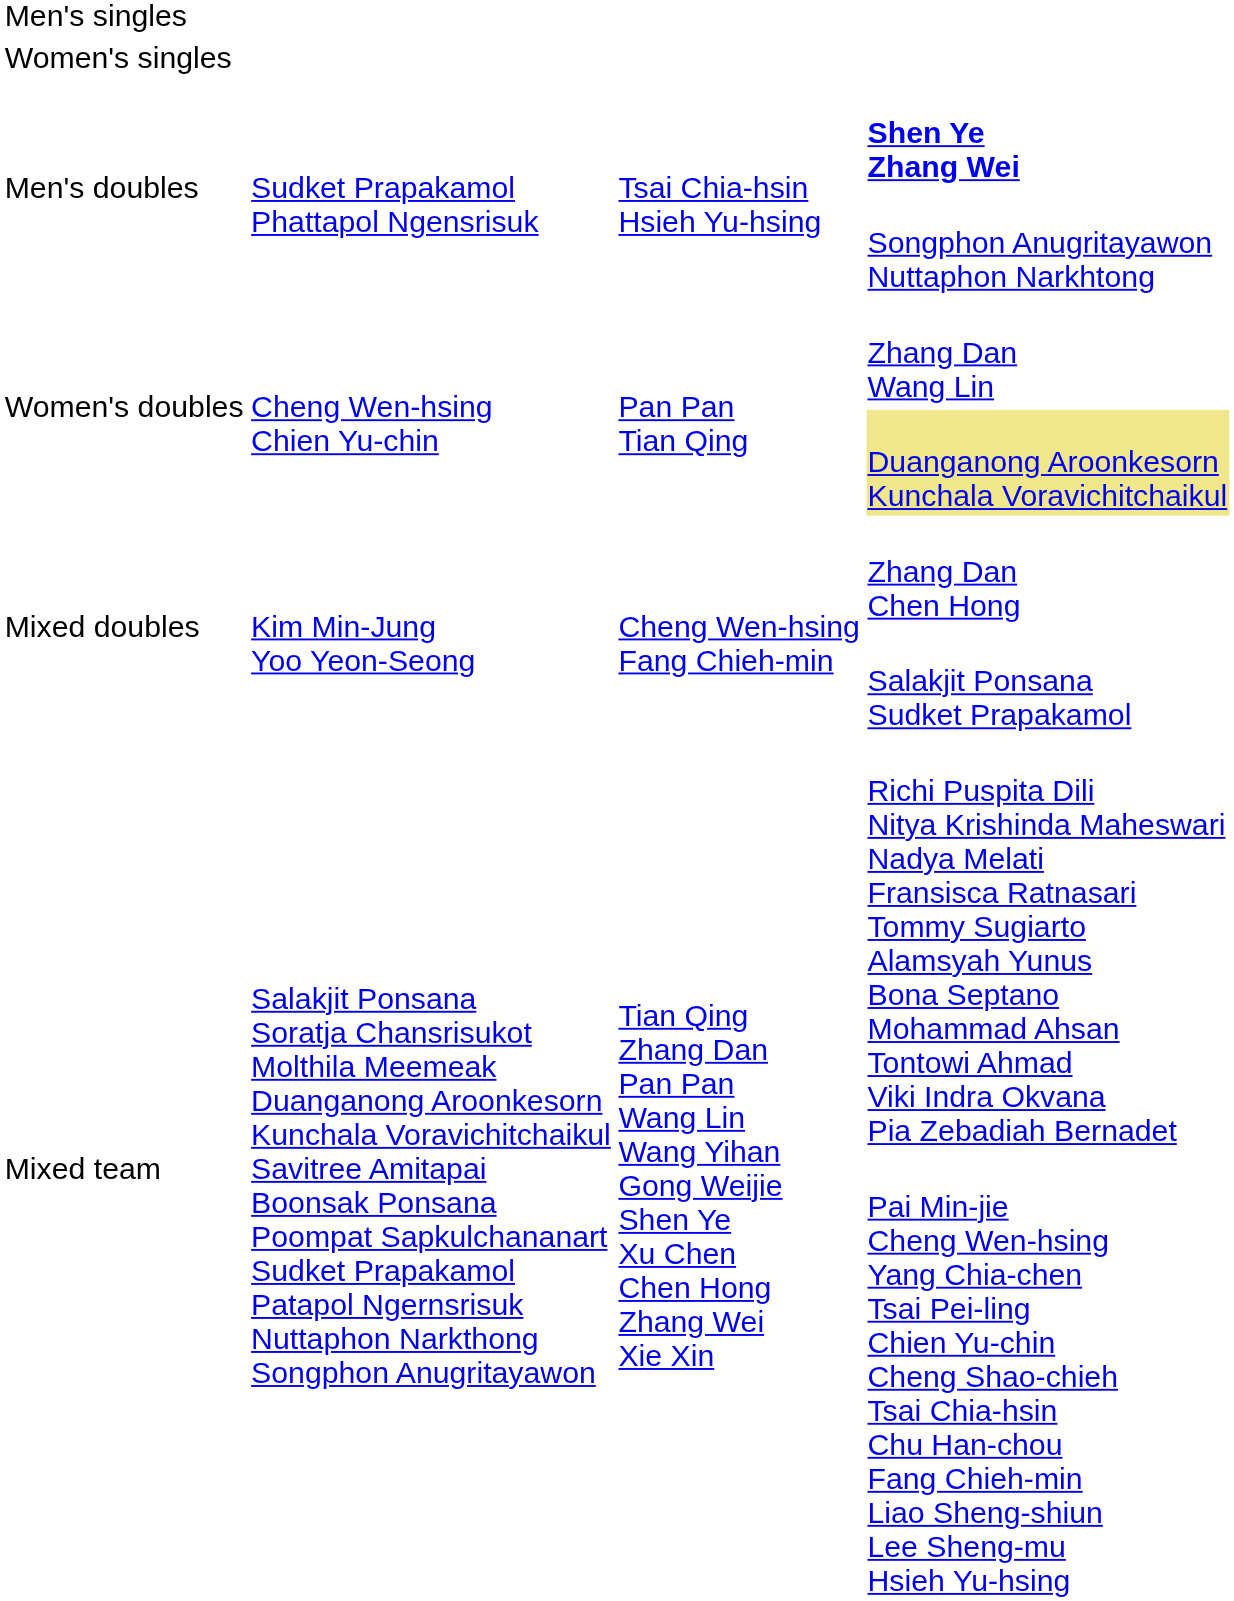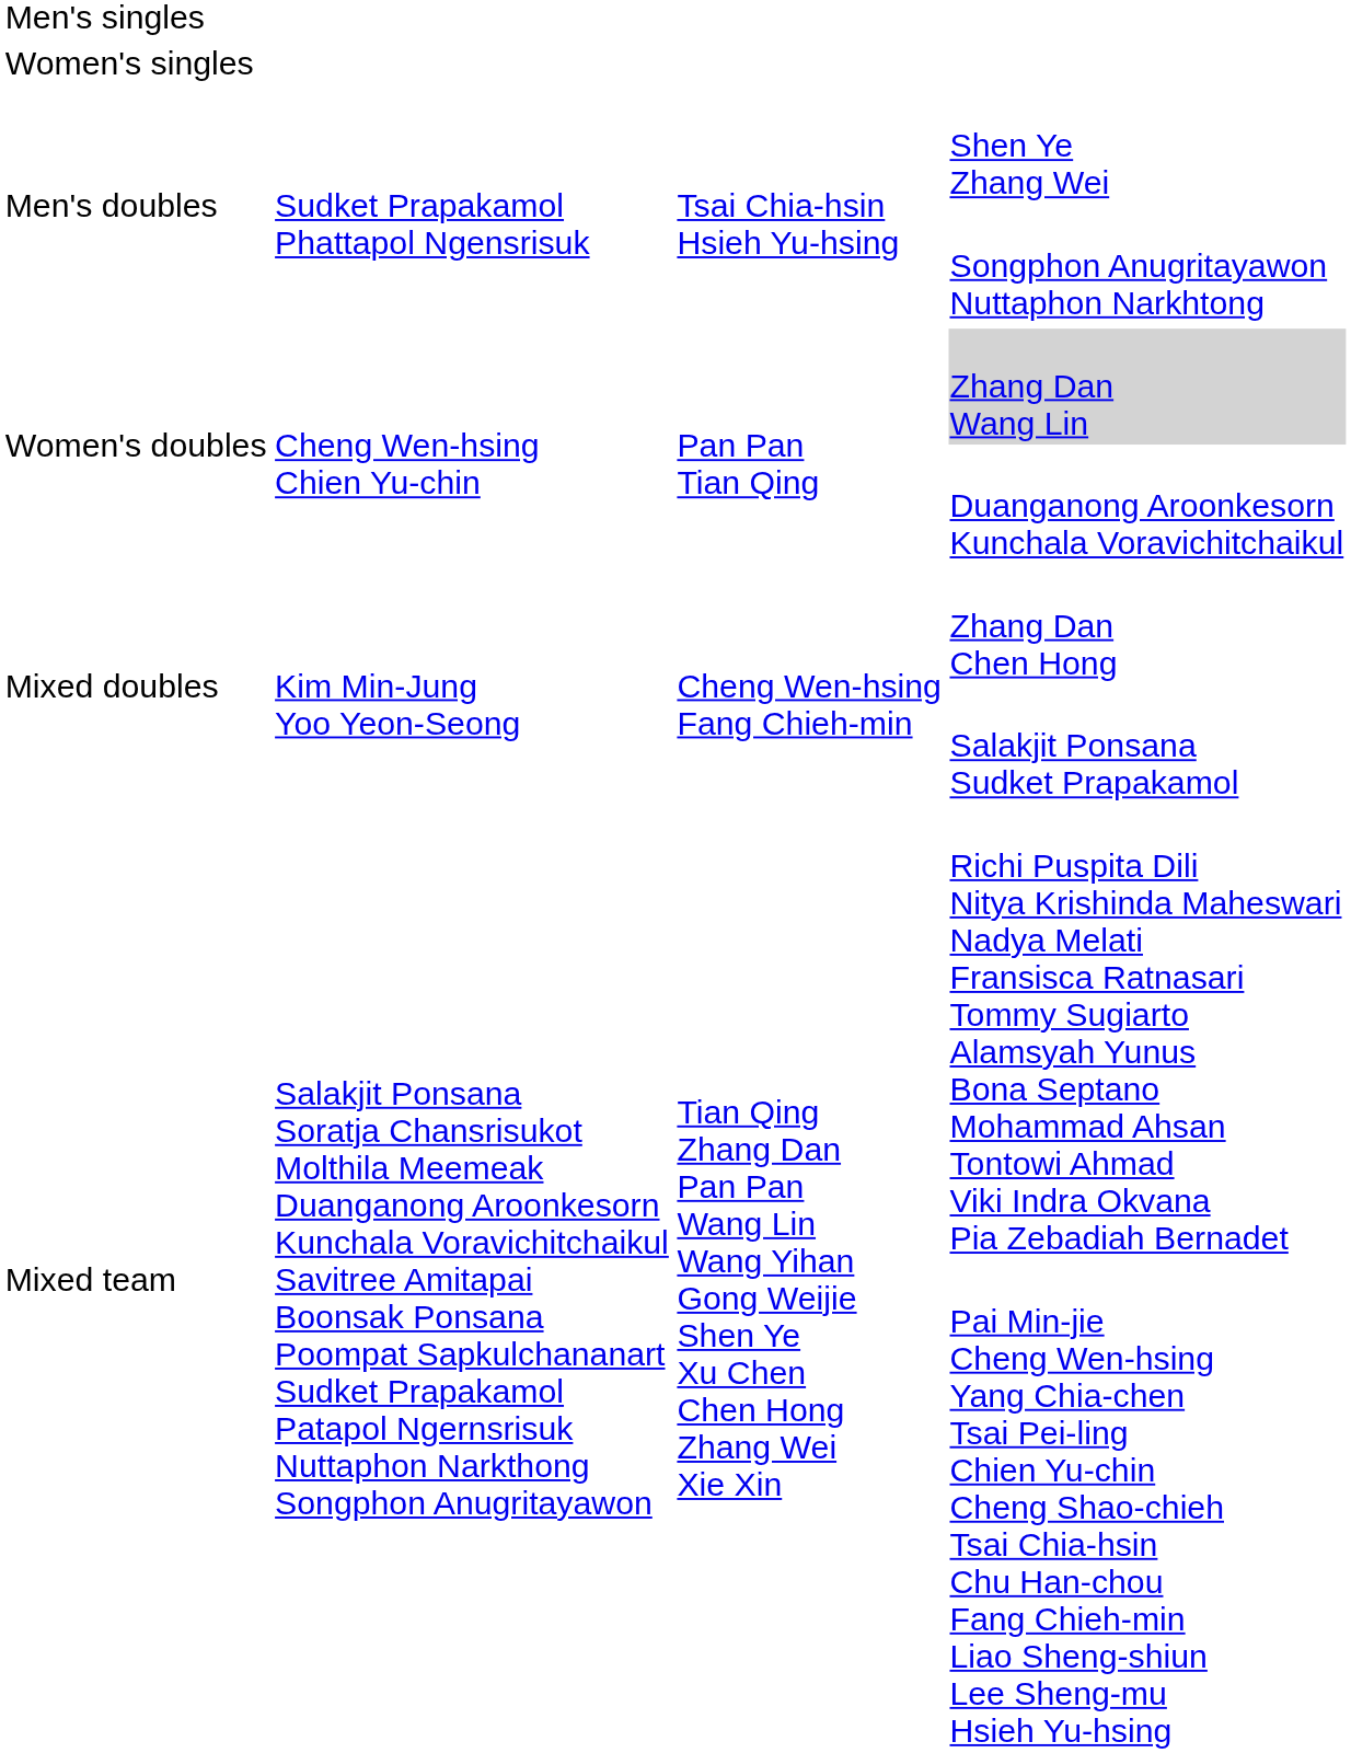 <table>
 <tr>
 <td rowspan=2>Men's singles<br></td>
 <td rowspan=2></td>
 <td rowspan=2></td>
 <td></td>
 </tr>
 <tr>
 <td></td>
 </tr>
 <tr>
 <td rowspan=2>Women's singles<br></td>
 <td rowspan=2></td>
 <td rowspan=2></td>
 <td></td>
 </tr>
 <tr>
 <td></td>
 </tr>
 <tr>
 <td rowspan=2>Men's doubles<br></td>
 <td rowspan=2><br><a href='#'>Sudket Prapakamol</a> <br><a href='#'>Phattapol Ngensrisuk</a></td>
 <td rowspan=2><br><a href='#'>Tsai Chia-hsin</a> <br><a href='#'>Hsieh Yu-hsing</a></td>
-<td><strong><br><a href='#'>Shen Ye</a> <br><a href='#'>Zhang Wei</a></strong></td>
+<td><br><a href='#'>Shen Ye</a> <br><a href='#'>Zhang Wei</a></td>
 </tr>
 <tr>
 <td><br><a href='#'>Songphon Anugritayawon</a> <br><a href='#'>Nuttaphon Narkhtong</a></td>
 </tr>
 <tr>
 <td rowspan=2>Women's doubles<br></td>
 <td rowspan=2><br><a href='#'>Cheng Wen-hsing</a> <br><a href='#'>Chien Yu-chin</a></td>
 <td rowspan=2><br><a href='#'>Pan Pan</a> <br><a href='#'>Tian Qing</a></td>
-<td><br><a href='#'>Zhang Dan</a> <br><a href='#'>Wang Lin</a></td>
+<td style="background: lightgrey;"><br><a href='#'>Zhang Dan</a> <br><a href='#'>Wang Lin</a></td>
 </tr>
 <tr>
-<td style="background: khaki;"><br><a href='#'>Duanganong Aroonkesorn</a> <br><a href='#'>Kunchala Voravichitchaikul</a></td>
+<td><br><a href='#'>Duanganong Aroonkesorn</a> <br><a href='#'>Kunchala Voravichitchaikul</a></td>
 </tr>
 <tr>
 <td rowspan=2>Mixed doubles<br></td>
 <td rowspan=2><br><a href='#'>Kim Min-Jung</a> <br><a href='#'>Yoo Yeon-Seong</a></td>
 <td rowspan=2><br><a href='#'>Cheng Wen-hsing</a> <br><a href='#'>Fang Chieh-min</a></td>
 <td><br><a href='#'>Zhang Dan</a> <br><a href='#'>Chen Hong</a></td>
 </tr>
 <tr>
 <td><br><a href='#'>Salakjit Ponsana</a> <br><a href='#'>Sudket Prapakamol</a></td>
 </tr>
 <tr>
 <td rowspan=2>Mixed team<br></td>
 <td rowspan=2><br><a href='#'>Salakjit Ponsana</a><br><a href='#'>Soratja Chansrisukot</a><br><a href='#'>Molthila Meemeak</a><br><a href='#'>Duanganong Aroonkesorn</a><br><a href='#'>Kunchala Voravichitchaikul</a><br><a href='#'>Savitree Amitapai</a><br><a href='#'>Boonsak Ponsana</a><br><a href='#'>Poompat Sapkulchananart</a><br><a href='#'>Sudket Prapakamol</a><br><a href='#'>Patapol Ngernsrisuk</a><br><a href='#'>Nuttaphon Narkthong</a><br><a href='#'>Songphon Anugritayawon</a></td>
 <td rowspan=2><br><a href='#'>Tian Qing</a><br><a href='#'>Zhang Dan</a><br><a href='#'>Pan Pan</a><br><a href='#'>Wang Lin</a><br><a href='#'>Wang Yihan</a><br><a href='#'>Gong Weijie</a><br><a href='#'>Shen Ye</a><br><a href='#'>Xu Chen</a><br><a href='#'>Chen Hong</a><br><a href='#'>Zhang Wei</a><br><a href='#'>Xie Xin</a></td>
 <td><br><a href='#'>Richi Puspita Dili</a><br><a href='#'>Nitya Krishinda Maheswari</a><br><a href='#'>Nadya Melati</a><br><a href='#'>Fransisca Ratnasari</a><br><a href='#'>Tommy Sugiarto</a><br><a href='#'>Alamsyah Yunus</a><br><a href='#'>Bona Septano</a><br><a href='#'>Mohammad Ahsan</a><br><a href='#'>Tontowi Ahmad</a><br><a href='#'>Viki Indra Okvana</a><br><a href='#'>Pia Zebadiah Bernadet</a></td>
 </tr>
 <tr>
 <td><br><a href='#'>Pai Min-jie</a><br><a href='#'>Cheng Wen-hsing</a><br><a href='#'>Yang Chia-chen</a><br><a href='#'>Tsai Pei-ling</a><br><a href='#'>Chien Yu-chin</a><br><a href='#'>Cheng Shao-chieh</a><br><a href='#'>Tsai Chia-hsin</a><br><a href='#'>Chu Han-chou</a><br><a href='#'>Fang Chieh-min</a><br><a href='#'>Liao Sheng-shiun</a><br><a href='#'>Lee Sheng-mu</a><br><a href='#'>Hsieh Yu-hsing</a></td>
 </tr>
 </table>
